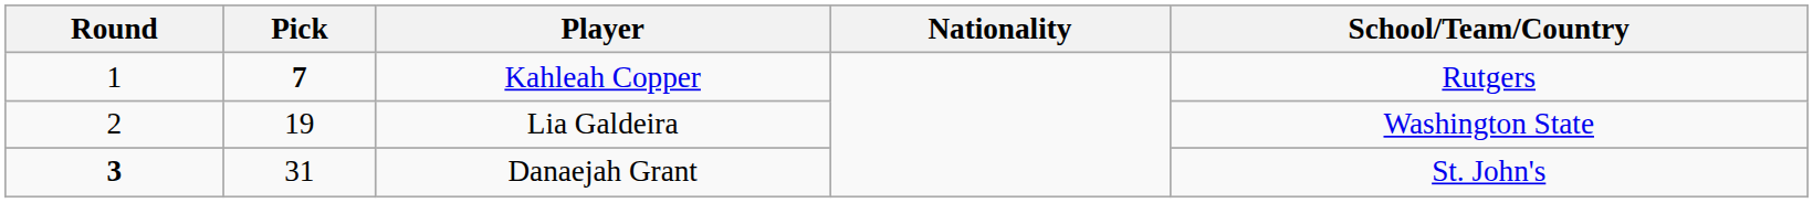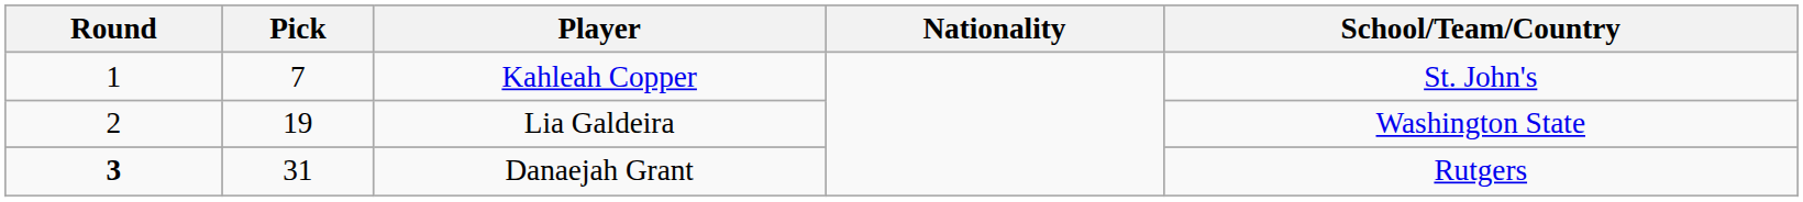 <table class="wikitable" style="text-align:center; width:60em">
 <tr>
 <th>Round</th>
 <th>Pick</th>
 <th>Player</th>
 <th>Nationality</th>
 <th>School/Team/Country</th>
 </tr>
 <tr>
 <td>1</td>
-<td><strong>7</strong></td>
+<td>7</td>
 <td><a href='#'>Kahleah Copper</a></td>
 <td rowspan=3></td>
-<td><a href='#'>Rutgers</a></td>
+<td><a href='#'>St. John's</a></td>
 </tr>
 <tr>
 <td>2</td>
 <td>19</td>
 <td>Lia Galdeira</td>
 <td><a href='#'>Washington State</a></td>
 </tr>
 <tr>
 <td><strong>3</strong></td>
 <td>31</td>
 <td>Danaejah Grant</td>
-<td><a href='#'>St. John's</a></td>
+<td><a href='#'>Rutgers</a></td>
 </tr>
 </table>
